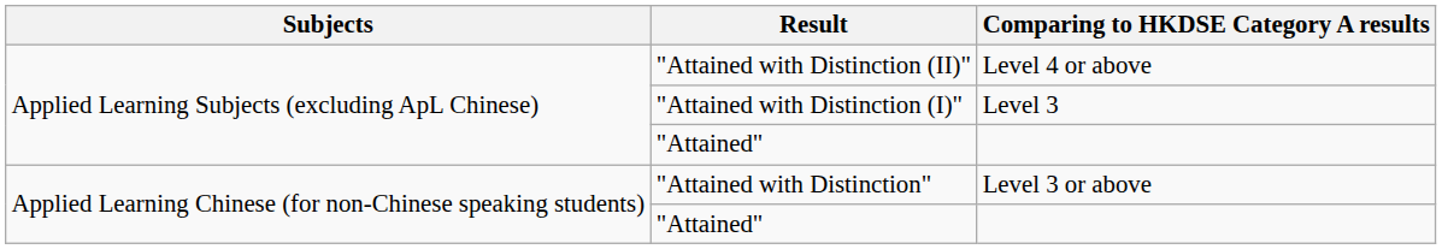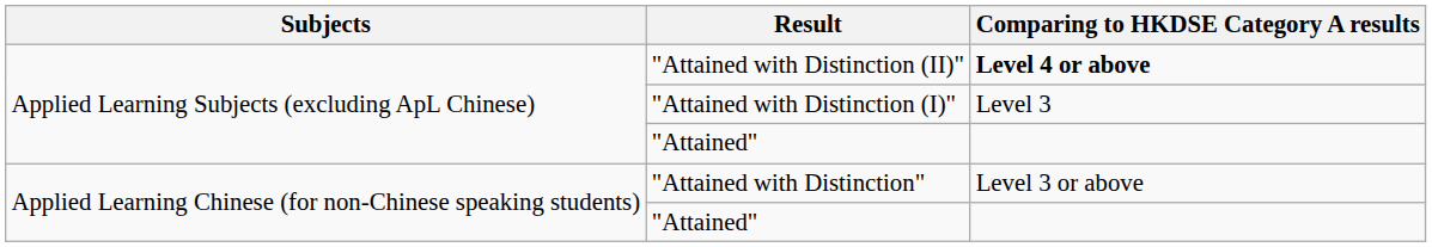 <table class="wikitable">
 <tr>
 <th>Subjects</th>
 <th>Result</th>
 <th>Comparing to HKDSE Category A results</th>
 </tr>
 <tr>
 <td rowspan="3">Applied Learning Subjects (excluding ApL Chinese)</td>
 <td>"Attained with Distinction (II)"</td>
-<td>Level 4 or above</td>
+<td><strong>Level 4 or above</strong></td>
 </tr>
 <tr>
 <td>"Attained with Distinction (I)"</td>
 <td>Level 3</td>
 </tr>
 <tr>
 <td>"Attained"</td>
 <td></td>
 </tr>
 <tr>
 <td rowspan="2">Applied Learning Chinese (for non-Chinese speaking students)</td>
 <td>"Attained with Distinction"</td>
 <td>Level 3 or above</td>
 </tr>
 <tr>
 <td>"Attained"</td>
 <td></td>
 </tr>
 </table>
